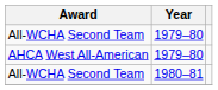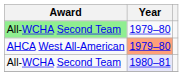 <table class="wikitable">
 <tr>
 <th>Award</th>
 <th>Year</th>
 <th></th>
 </tr>
 <tr>
-<td>All-<a href='#'>WCHA</a> <a href='#'>Second Team</a></td>
+<td style="background: lightgreen;">All-<a href='#'>WCHA</a> <a href='#'>Second Team</a></td>
 <td><a href='#'>1979–80</a></td>
 <td></td>
 </tr>
 <tr>
 <td><a href='#'>AHCA</a> <a href='#'>West All-American</a></td>
-<td><a href='#'>1979–80</a></td>
+<td style="background: lightsalmon;"><a href='#'>1979–80</a></td>
 <td></td>
 </tr>
 <tr>
 <td>All-<a href='#'>WCHA</a> <a href='#'>Second Team</a></td>
-<td><a href='#'>1980–81</a></td>
+<td style="background: lavender;"><a href='#'>1980–81</a></td>
 <td></td>
 </tr>
 <tr>
 </tr>
 </table>
